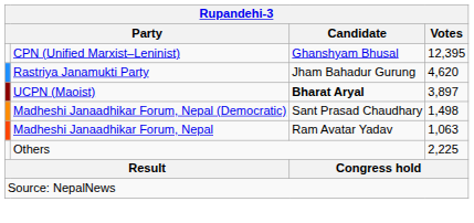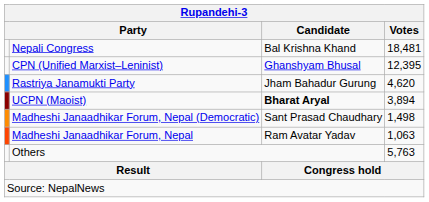 <table class="wikitable">
 <tr>
 <th colspan="4"><a href='#'>Rupandehi-3</a></th>
 </tr>
 <tr>
 <th colspan="2">Party</th>
 <th>Candidate</th>
 <th>Votes</th>
+</tr>
+<tr>
+<td style="background-color:"></td>
+<td><a href='#'>Nepali Congress</a></td>
+<td>Bal Krishna Khand</td>
+<td>18,481</td>
 </tr>
 <tr>
 <td style="background-color:"></td>
 <td><a href='#'>CPN (Unified Marxist–Leninist)</a></td>
 <td><a href='#'>Ghanshyam Bhusal</a></td>
 <td>12,395</td>
 </tr>
 <tr>
 <td style="background-color:dodgerblue"></td>
 <td><a href='#'>Rastriya Janamukti Party</a></td>
 <td>Jham Bahadur Gurung</td>
 <td>4,620</td>
 </tr>
 <tr>
 <td style="background-color:darkred"></td>
 <td><a href='#'>UCPN (Maoist)</a></td>
 <td><strong>Bharat Aryal</strong></td>
-<td>3,897</td>
+<td>3,894</td>
 </tr>
 <tr>
 <td style="background-color:darkorange"></td>
 <td><a href='#'>Madheshi Janaadhikar Forum, Nepal (Democratic)</a></td>
 <td>Sant Prasad Chaudhary</td>
 <td>1,498</td>
 </tr>
 <tr>
 <td style="background-color:orangered"></td>
 <td><a href='#'>Madheshi Janaadhikar Forum, Nepal</a></td>
 <td>Ram Avatar Yadav</td>
 <td>1,063</td>
 </tr>
 <tr>
 <td></td>
 <td colspan="2">Others</td>
-<td>2,225</td>
+<td>5,763</td>
 </tr>
 <tr>
 <th colspan="2">Result</th>
 <th colspan="2">Congress hold</th>
 </tr>
 <tr>
 <td colspan="4">Source: NepalNews</td>
 </tr>
 </table>
